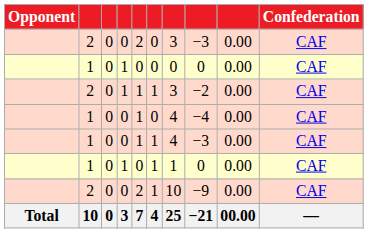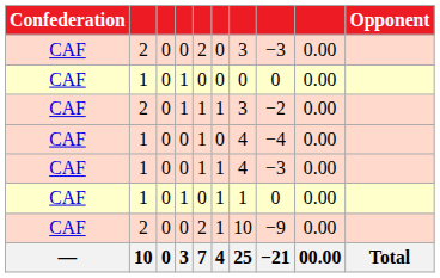 <table class="wikitable sortable" style="text-align:center;">
 <tr style="color:white">
-<th style="background-color:#ED1C24;color:white">Opponent</th>
+<th style="background-color:#ED1C24;color:white">Confederation</th>
 <th style="background-color:#ED1C24;"></th>
 <th style="background-color:#ED1C24;"></th>
 <th style="background-color:#ED1C24;"></th>
 <th style="background-color:#ED1C24;"></th>
 <th style="background-color:#ED1C24;"></th>
 <th style="background-color:#ED1C24;"></th>
 <th style="background-color:#ED1C24;"></th>
 <th style="background-color:#ED1C24;"></th>
-<th style="background-color:#ED1C24;color:white">Confederation</th>
+<th style="background-color:#ED1C24;color:white">Opponent</th>
 </tr>
 <tr bgcolor=FFDACC>
-<td style="text-align:left;"></td>
+<td><a href='#'>CAF</a></td>
 <td>2</td>
 <td>0</td>
 <td>0</td>
 <td>2</td>
 <td>0</td>
 <td>3</td>
 <td>−3</td>
 <td>0.00</td>
-<td><a href='#'>CAF</a></td>
+<td style="text-align:left;"></td>
 </tr>
 <tr bgcolor=FFFFCC>
-<td style="text-align:left;"></td>
+<td><a href='#'>CAF</a></td>
 <td>1</td>
 <td>0</td>
 <td>1</td>
 <td>0</td>
 <td>0</td>
 <td>0</td>
 <td>0</td>
 <td>0.00</td>
-<td><a href='#'>CAF</a></td>
+<td style="text-align:left;"></td>
 </tr>
 <tr bgcolor=FFDACC>
-<td style="text-align:left;"></td>
+<td><a href='#'>CAF</a></td>
 <td>2</td>
 <td>0</td>
 <td>1</td>
 <td>1</td>
 <td>1</td>
 <td>3</td>
 <td>−2</td>
 <td>0.00</td>
-<td><a href='#'>CAF</a></td>
+<td style="text-align:left;"></td>
 </tr>
 <tr bgcolor=FFDACC>
-<td style="text-align:left;"></td>
+<td><a href='#'>CAF</a></td>
 <td>1</td>
 <td>0</td>
 <td>0</td>
 <td>1</td>
 <td>0</td>
 <td>4</td>
 <td>−4</td>
 <td>0.00</td>
-<td><a href='#'>CAF</a></td>
+<td style="text-align:left;"></td>
 </tr>
 <tr bgcolor=FFDACC>
-<td style="text-align:left;"></td>
+<td><a href='#'>CAF</a></td>
 <td>1</td>
 <td>0</td>
 <td>0</td>
 <td>1</td>
 <td>1</td>
 <td>4</td>
 <td>−3</td>
 <td>0.00</td>
-<td><a href='#'>CAF</a></td>
+<td style="text-align:left;"></td>
 </tr>
 <tr bgcolor=FFFFCC>
-<td style="text-align:left;"></td>
+<td><a href='#'>CAF</a></td>
 <td>1</td>
 <td>0</td>
 <td>1</td>
 <td>0</td>
 <td>1</td>
 <td>1</td>
 <td>0</td>
 <td>0.00</td>
-<td><a href='#'>CAF</a></td>
+<td style="text-align:left;"></td>
 </tr>
 <tr bgcolor=FFDACC>
-<td style="text-align:left;"></td>
+<td><a href='#'>CAF</a></td>
 <td>2</td>
 <td>0</td>
 <td>0</td>
 <td>2</td>
 <td>1</td>
 <td>10</td>
 <td>−9</td>
 <td>0.00</td>
-<td><a href='#'>CAF</a></td>
+<td style="text-align:left;"></td>
 </tr>
 <tr>
-<th>Total</th>
+<th>—</th>
 <th>10</th>
 <th>0</th>
 <th>3</th>
 <th>7</th>
 <th>4</th>
 <th>25</th>
 <th>−21</th>
 <th>00.00</th>
-<th>—</th>
+<th>Total</th>
 </tr>
 </table>
